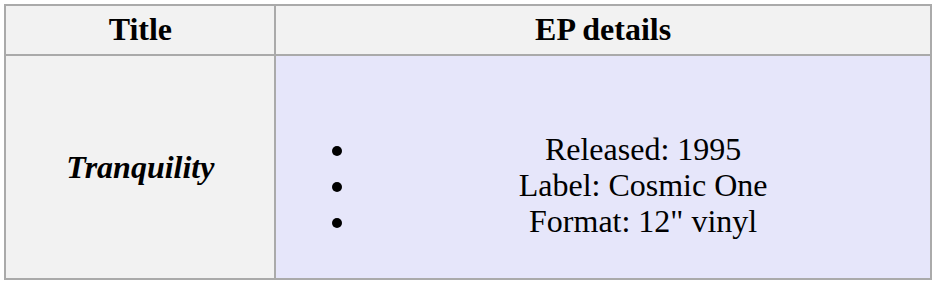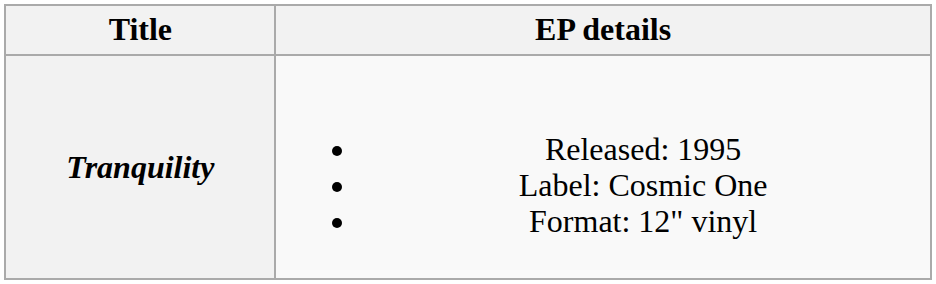 <table class="wikitable plainrowheaders" style="text-align:center;">
 <tr>
 <th scope="col" style="width:8em;">Title</th>
 <th scope="col" style="width:20em;">EP details</th>
 </tr>
 <tr>
 <th scope="row"><em>Tranquility</em></th>
-<td style="background: lavender;"><br><ul><li>Released: 1995</li><li>Label: Cosmic One</li><li>Format: 12" vinyl</li></ul></td>
+<td><br><ul><li>Released: 1995</li><li>Label: Cosmic One</li><li>Format: 12" vinyl</li></ul></td>
 </tr>
 </table>
